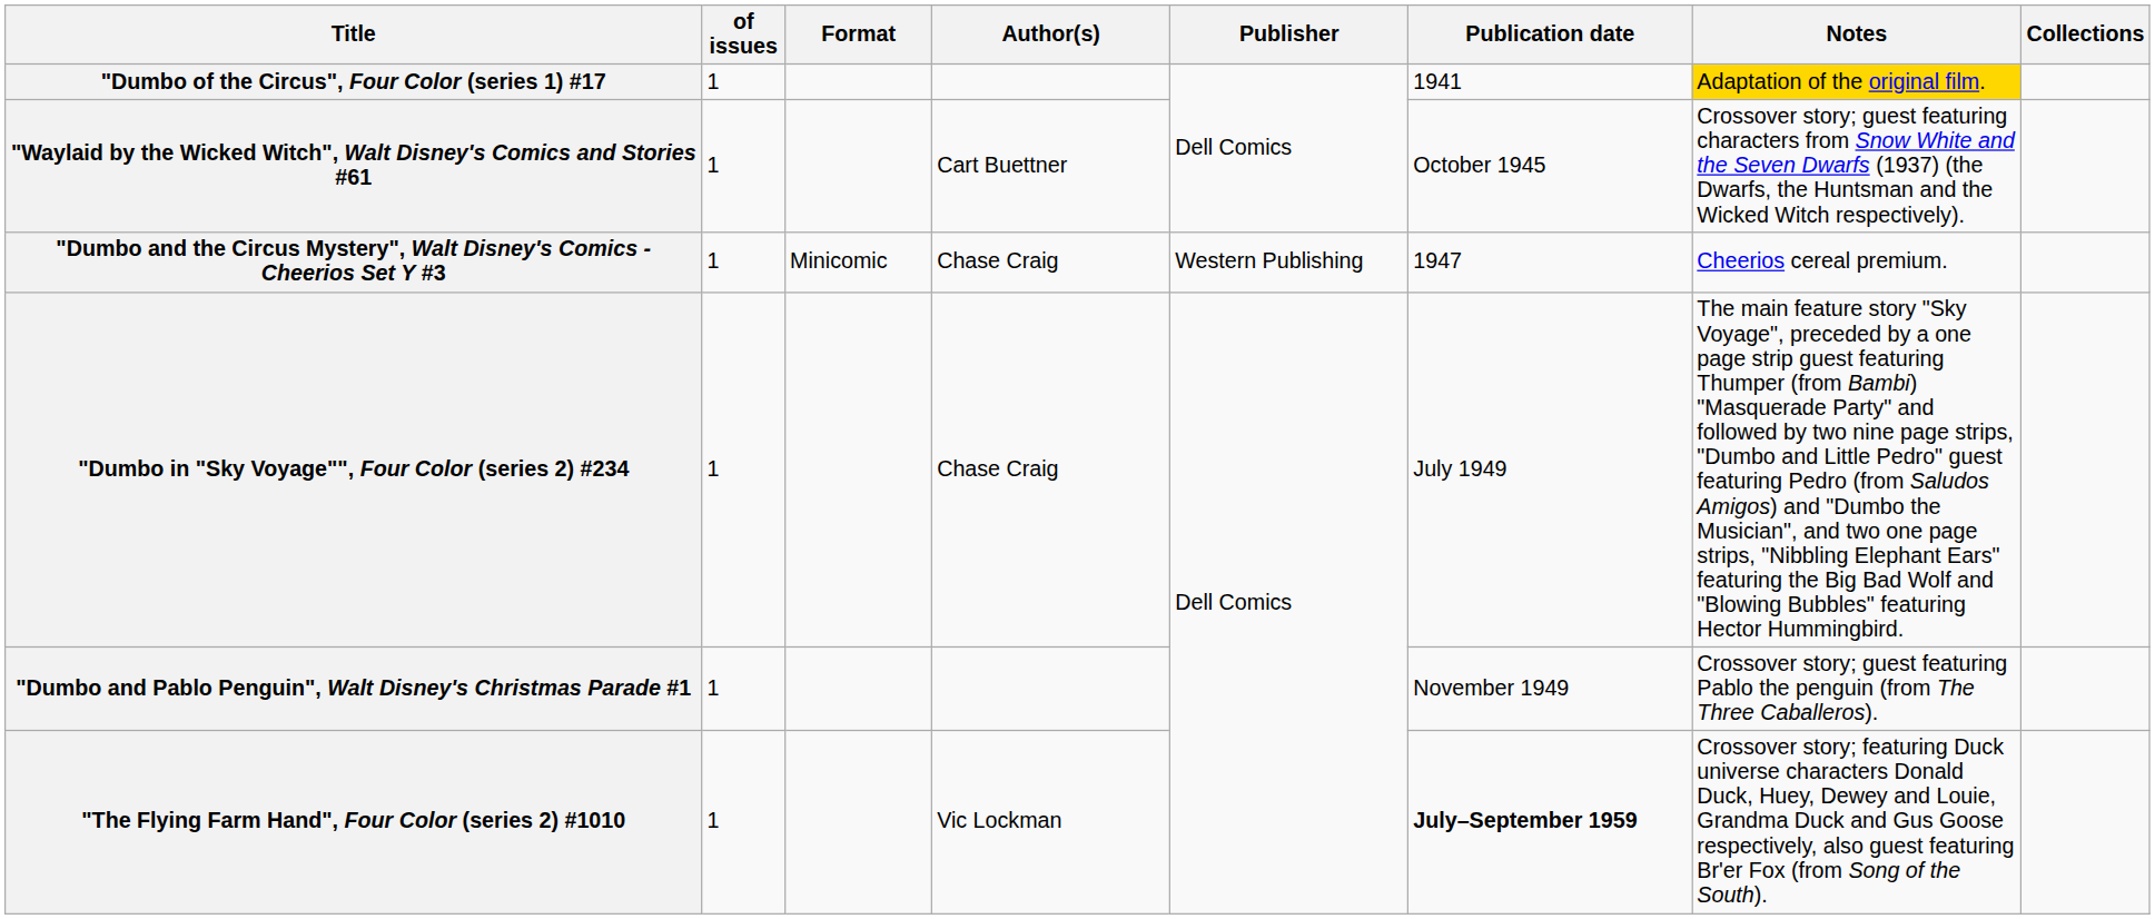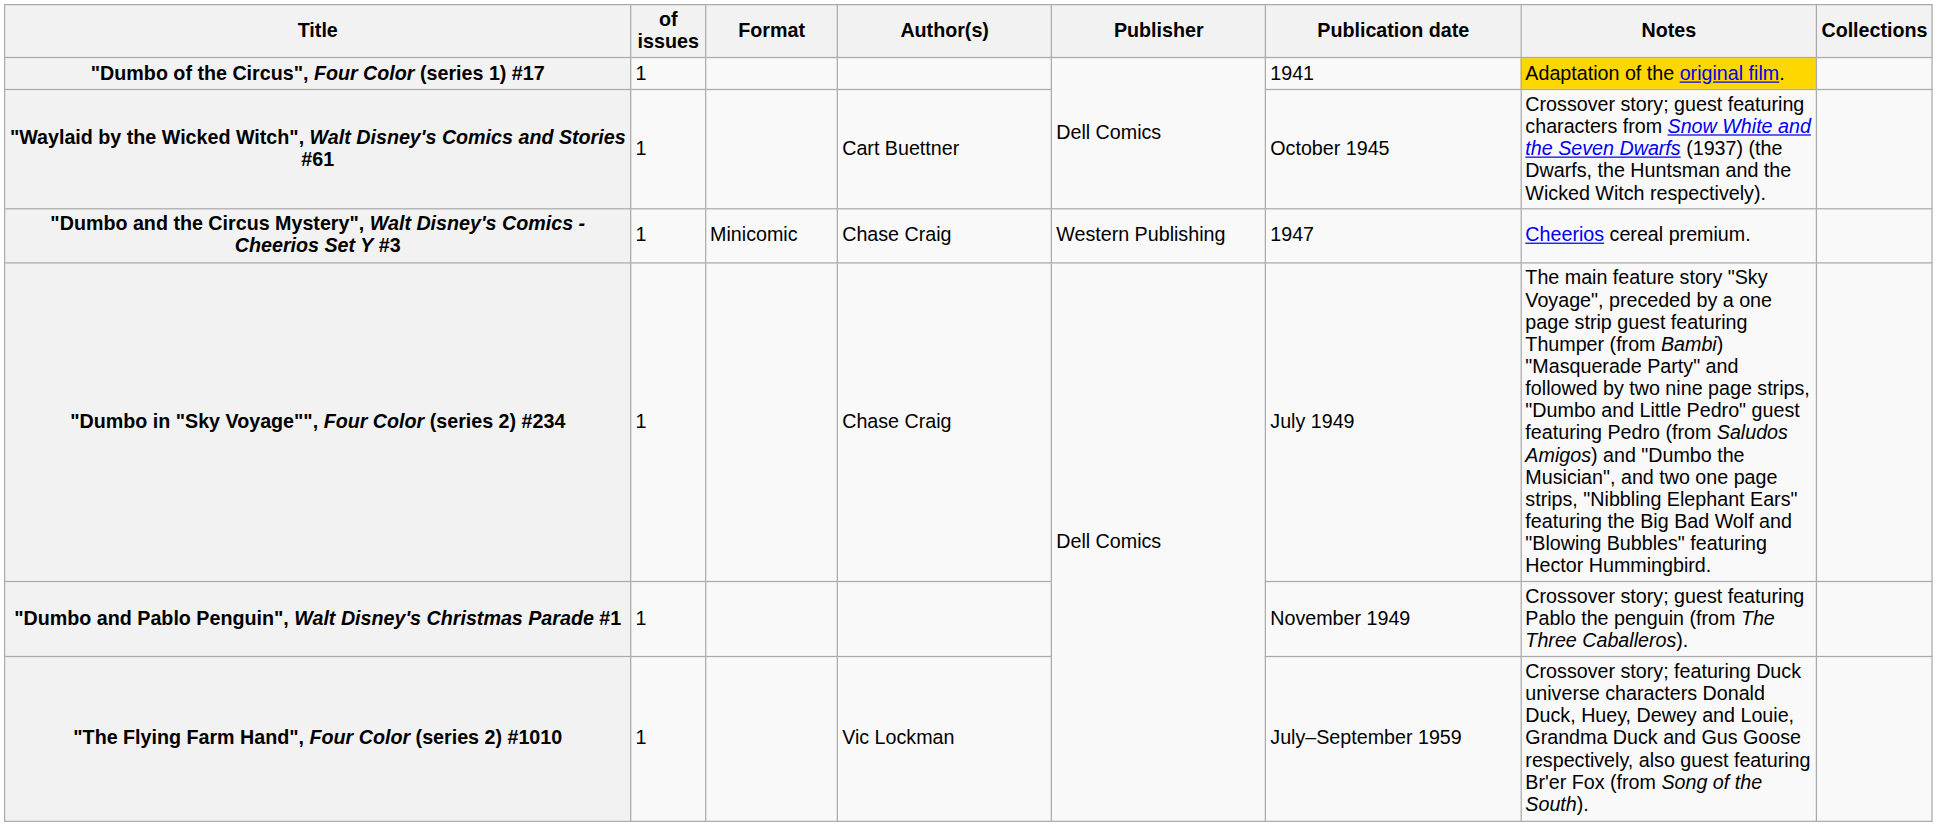 <table class="wikitable">
 <tr>
 <th>Title</th>
 <th style="width:40pt"> of issues</th>
 <th style="width:75pt">Format</th>
 <th style="width:125pt">Author(s)</th>
 <th style="width:125pt">Publisher</th>
 <th style="width:150pt">Publication date</th>
 <th style="width:175pt">Notes</th>
 <th>Collections</th>
 </tr>
 <tr>
 <th>"Dumbo of the Circus", <em>Four Color</em> (series 1) #17</th>
 <td>1</td>
 <td></td>
 <td></td>
 <td rowspan="2">Dell Comics</td>
 <td>1941</td>
 <td style="background: gold;">Adaptation of the <a href='#'>original film</a>.</td>
 <td></td>
 </tr>
 <tr>
 <th>"Waylaid by the Wicked Witch", <em>Walt Disney's Comics and Stories</em> #61</th>
 <td>1</td>
 <td></td>
 <td>Cart Buettner</td>
 <td>October 1945</td>
 <td>Crossover story; guest featuring characters from <em><a href='#'>Snow White and the Seven Dwarfs</a></em> (1937) (the Dwarfs, the Huntsman and the Wicked Witch respectively).</td>
 <td></td>
 </tr>
 <tr>
 <th>"Dumbo and the Circus Mystery", <em>Walt Disney's Comics - Cheerios Set Y</em> #3</th>
 <td>1</td>
 <td>Minicomic</td>
 <td>Chase Craig</td>
 <td>Western Publishing</td>
 <td>1947</td>
 <td><a href='#'>Cheerios</a> cereal premium.</td>
 <td></td>
 </tr>
 <tr>
 <th>"Dumbo in	"Sky Voyage"", <em>Four Color</em> (series 2) #234</th>
 <td>1</td>
 <td></td>
 <td>Chase Craig</td>
 <td rowspan="3">Dell Comics</td>
 <td>July 1949</td>
 <td>The main feature story "Sky Voyage", preceded by a one page strip guest featuring Thumper (from <em>Bambi</em>) "Masquerade Party" and followed by two nine page strips, "Dumbo and Little Pedro" guest featuring Pedro (from <em>Saludos Amigos</em>) and "Dumbo the Musician", and two one page strips, "Nibbling Elephant Ears" featuring the Big Bad Wolf and "Blowing Bubbles" featuring Hector Hummingbird.</td>
 <td></td>
 </tr>
 <tr>
 <th>"Dumbo and Pablo Penguin", <em>Walt Disney's Christmas Parade</em> #1</th>
 <td>1</td>
 <td></td>
 <td></td>
 <td>November 1949</td>
 <td>Crossover story; guest featuring Pablo the penguin (from <em>The Three Caballeros</em>).</td>
 <td></td>
 </tr>
 <tr>
 <th>"The Flying Farm Hand", <em>Four Color</em> (series 2) #1010</th>
 <td>1</td>
 <td></td>
 <td>Vic Lockman</td>
-<td><strong>July–September 1959</strong></td>
+<td>July–September 1959</td>
 <td>Crossover story; featuring Duck universe characters Donald Duck, Huey, Dewey and Louie, Grandma Duck and Gus Goose respectively, also guest featuring Br'er Fox (from <em>Song of the South</em>).</td>
 <td></td>
 </tr>
 </table>
